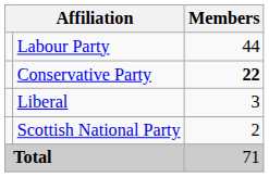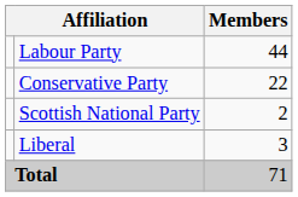 <table class="wikitable">
 <tr>
 <th colspan="2">Affiliation</th>
 <th>Members</th>
 </tr>
 <tr>
 <td style="color:inherit;background:"></td>
 <td><a href='#'>Labour Party</a></td>
 <td align="right">44</td>
 </tr>
 <tr>
 <td style="color:inherit;background:"></td>
 <td><a href='#'>Conservative Party</a></td>
-<td align="right"><strong>22</strong></td>
+<td align="right">22</td>
+</tr>
+<tr>
+<td style="color:inherit;background:"></td>
+<td><a href='#'>Scottish National Party</a></td>
+<td align="right">2</td>
 </tr>
 <tr>
 <td style="color:inherit;background:"></td>
 <td><a href='#'>Liberal</a></td>
 <td align="right">3</td>
 </tr>
-<tr>
-<td style="color:inherit;background:"></td>
-<td><a href='#'>Scottish National Party</a></td>
-<td align="right">2</td>
-</tr>
 <tr bgcolor="CCCCCC">
 <td colspan="2" rowspan="1"> <strong>Total</strong></td>
 <td align="right">71</td>
 </tr>
 </table>
